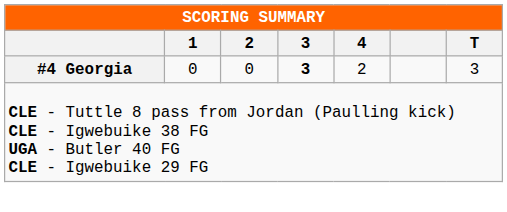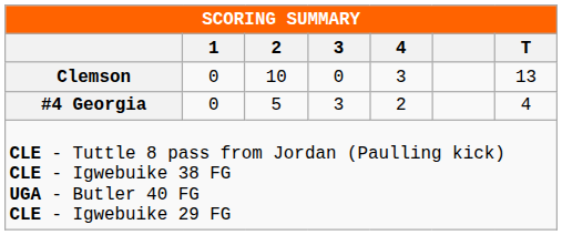 <table class="wikitable" style="text-align:center">
 <tr style="background:#FF6300; color:white">
 <td colspan="7" align="center"><strong>SCORING SUMMARY</strong></td>
 </tr>
 <tr>
 <th width="125"> </th>
 <th width="40">1</th>
 <th width="40">2</th>
 <th width="40">3</th>
 <th width="40">4</th>
 <th width="40"> </th>
 <th width="40">T</th>
 </tr>
 <tr>
+<th>Clemson</th>
+<td>0</td>
+<td>10</td>
+<td>0</td>
+<td>3</td>
+<td></td>
+<td>13</td>
+</tr>
+<tr>
 <th>#4 Georgia</th>
 <td>0</td>
-<td>0</td>
-<td><strong>3</strong></td>
+<td>5</td>
+<td>3</td>
 <td>2</td>
 <td></td>
-<td>3</td>
+<td>4</td>
 </tr>
 <tr>
 <td colspan="7" align="left"><br><strong>CLE</strong> - Tuttle 8 pass from Jordan (Paulling kick)<br> <strong>CLE</strong> - Igwebuike 38 FG<br> <strong>UGA</strong> - Butler 40 FG<br> <strong>CLE</strong> - Igwebuike 29 FG</td>
 </tr>
 </table>
